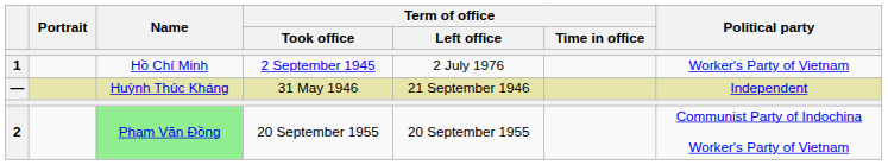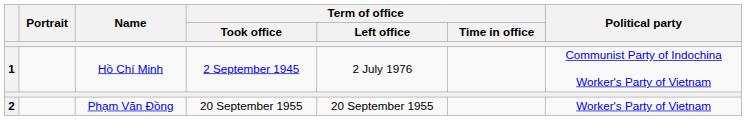 <table class="wikitable" style="text-align:center; border:1px #aaf solid; width:80%;">
 <tr>
 <th rowspan="2"></th>
 <th rowspan="2" style="width:70px;">Portrait</th>
 <th rowspan="2">Name<br></th>
 <th colspan="3">Term of office</th>
 <th rowspan="2">Political party</th>
 </tr>
 <tr>
 <th>Took office</th>
 <th>Left office</th>
 <th>Time in office</th>
 </tr>
 <tr>
 <th colspan=7></th>
 </tr>
 <tr>
 <th style="background:">1</th>
 <td></td>
 <td><a href='#'>Hồ Chí Minh</a><br></td>
 <td><a href='#'>2 September 1945</a></td>
 <td>2 July 1976</td>
 <td></td>
-<td><a href='#'>Worker's Party of Vietnam</a></td>
-</tr>
-<tr>
-<th style="background:">—</th>
-<td style="background:#e6e6aa;"></td>
-<td style="background:#e6e6aa;"><a href='#'>Huỳnh Thúc Kháng</a><br></td>
-<td style="background:#e6e6aa;">31 May 1946</td>
-<td style="background:#e6e6aa;">21 September 1946</td>
-<td style="background:#e6e6aa;"></td>
-<td style="background:#e6e6aa;"><a href='#'>Independent</a></td>
+<td><a href='#'>Communist Party of Indochina</a><br> <br> <a href='#'>Worker's Party of Vietnam</a><br></td>
 </tr>
 <tr>
 <th colspan=7></th>
 </tr>
 <tr>
 <th style="background:">2</th>
 <td></td>
-<td style="background: lightgreen;"><a href='#'>Phạm Văn Đồng</a><br></td>
+<td><a href='#'>Phạm Văn Đồng</a><br></td>
 <td>20 September 1955</td>
 <td>20 September 1955</td>
 <td></td>
-<td><a href='#'>Communist Party of Indochina</a><br> <br> <a href='#'>Worker's Party of Vietnam</a><br></td>
+<td><a href='#'>Worker's Party of Vietnam</a></td>
 </tr>
 </table>
